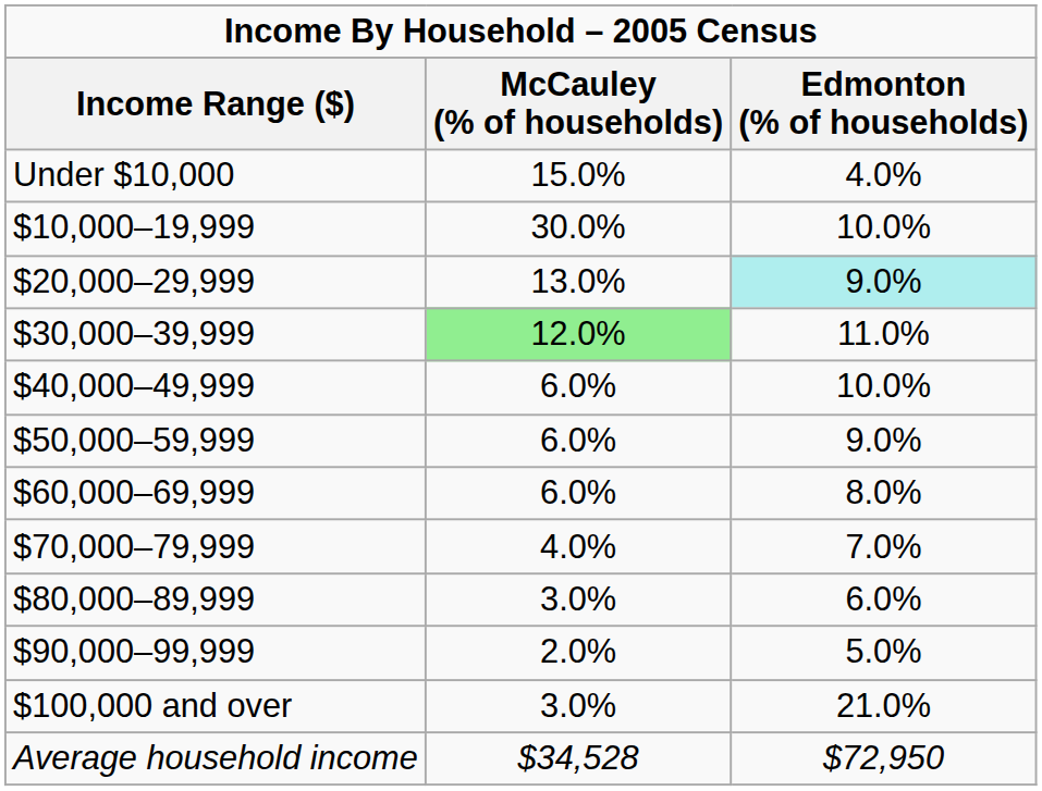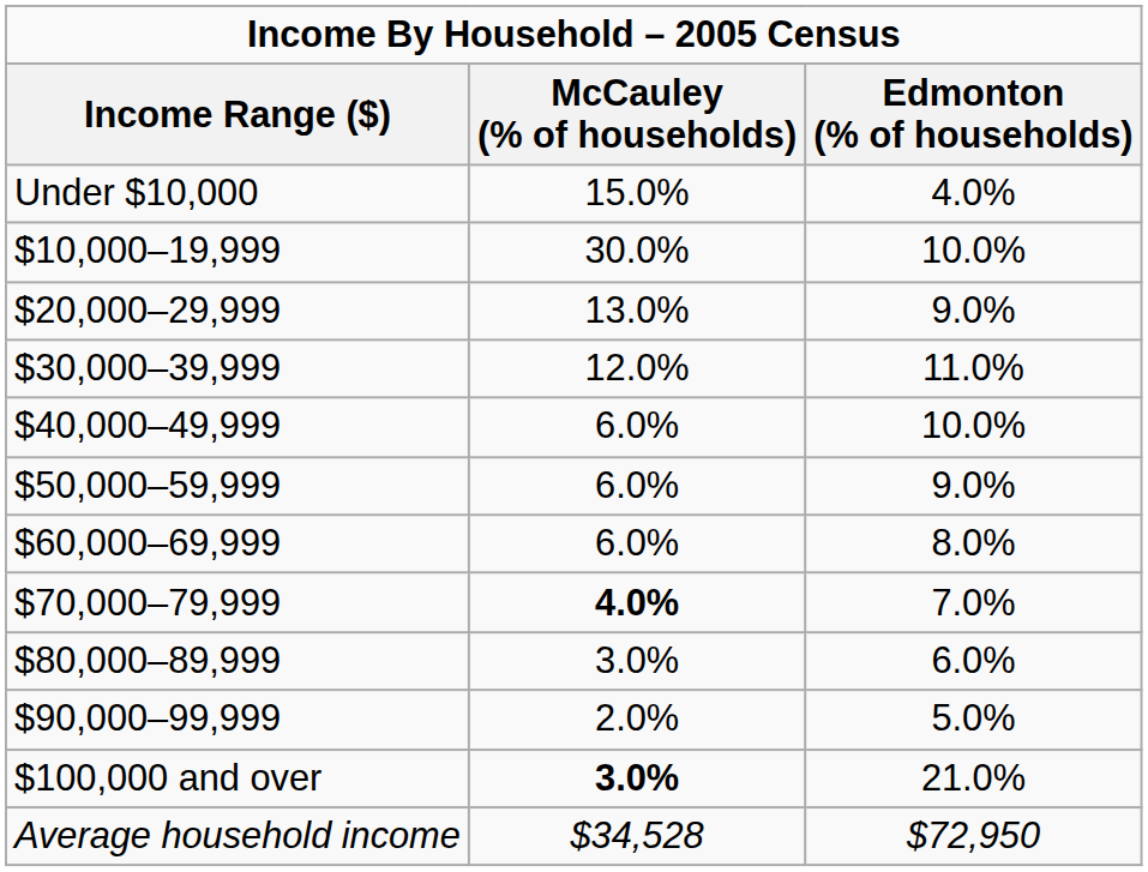 <table class="wikitable">
 <tr>
 <td colspan=3 align="center"><strong>Income By Household – 2005 Census</strong></td>
 </tr>
 <tr>
 <th>Income Range ($)</th>
 <th>McCauley<br>(% of households)</th>
 <th>Edmonton<br>(% of households)</th>
 </tr>
 <tr>
 <td>Under $10,000</td>
 <td align="center">15.0%</td>
 <td align="center">4.0%</td>
 </tr>
 <tr>
 <td>$10,000–19,999</td>
 <td align="center">30.0%</td>
 <td align="center">10.0%</td>
 </tr>
 <tr>
 <td>$20,000–29,999</td>
 <td align="center">13.0%</td>
-<td align="center" style="background: paleturquoise;">9.0%</td>
+<td align="center">9.0%</td>
 </tr>
 <tr>
 <td>$30,000–39,999</td>
-<td align="center" style="background: lightgreen;">12.0%</td>
+<td align="center">12.0%</td>
 <td align="center">11.0%</td>
 </tr>
 <tr>
 <td>$40,000–49,999</td>
 <td align="center">6.0%</td>
 <td align="center">10.0%</td>
 </tr>
 <tr>
 <td>$50,000–59,999</td>
 <td align="center">6.0%</td>
 <td align="center">9.0%</td>
 </tr>
 <tr>
 <td>$60,000–69,999</td>
 <td align="center">6.0%</td>
 <td align="center">8.0%</td>
 </tr>
 <tr>
 <td>$70,000–79,999</td>
-<td align="center">4.0%</td>
+<td align="center"><strong>4.0%</strong></td>
 <td align="center">7.0%</td>
 </tr>
 <tr>
 <td>$80,000–89,999</td>
 <td align="center">3.0%</td>
 <td align="center">6.0%</td>
 </tr>
 <tr>
 <td>$90,000–99,999</td>
 <td align="center">2.0%</td>
 <td align="center">5.0%</td>
 </tr>
 <tr>
 <td>$100,000 and over</td>
-<td align="center">3.0%</td>
+<td align="center"><strong>3.0%</strong></td>
 <td align="center">21.0%</td>
 </tr>
 <tr>
 <td><em>Average household income</em></td>
 <td align="center"><em>$34,528</em></td>
 <td align="center"><em>$72,950</em></td>
 </tr>
 </table>
